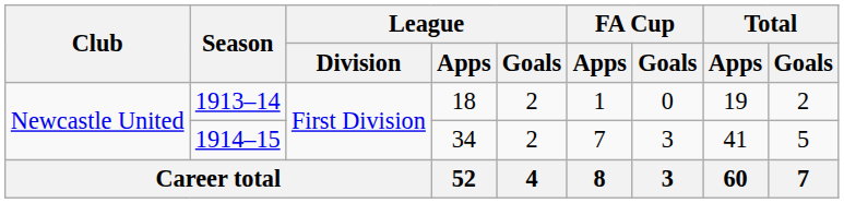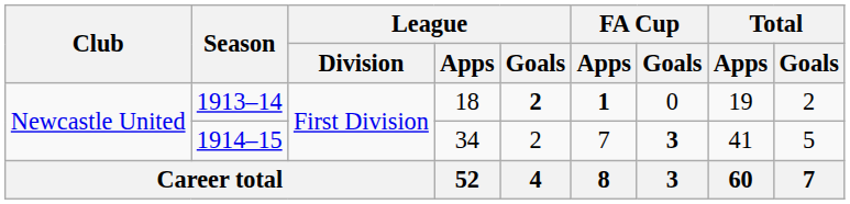 <table class="wikitable" style="text-align: center;">
 <tr>
 <th rowspan="2">Club</th>
 <th rowspan="2">Season</th>
 <th colspan="3">League</th>
 <th colspan="2">FA Cup</th>
 <th colspan="2">Total</th>
 </tr>
 <tr>
 <th>Division</th>
 <th>Apps</th>
 <th>Goals</th>
 <th>Apps</th>
 <th>Goals</th>
 <th>Apps</th>
 <th>Goals</th>
 </tr>
 <tr>
 <td rowspan="2"><a href='#'>Newcastle United</a></td>
 <td><a href='#'>1913–14</a></td>
 <td rowspan="2"><a href='#'>First Division</a></td>
 <td>18</td>
-<td>2</td>
-<td>1</td>
+<td><strong>2</strong></td>
+<td><strong>1</strong></td>
 <td>0</td>
 <td>19</td>
 <td>2</td>
 </tr>
 <tr>
 <td><a href='#'>1914–15</a></td>
 <td>34</td>
 <td>2</td>
 <td>7</td>
-<td>3</td>
+<td><strong>3</strong></td>
 <td>41</td>
 <td>5</td>
 </tr>
 <tr>
 <th colspan="3">Career total</th>
 <th>52</th>
 <th>4</th>
 <th>8</th>
 <th>3</th>
 <th>60</th>
 <th>7</th>
 </tr>
 </table>
